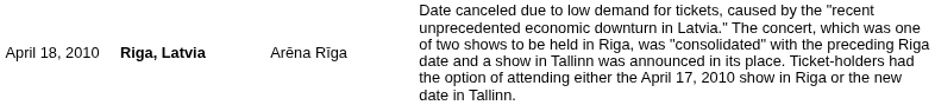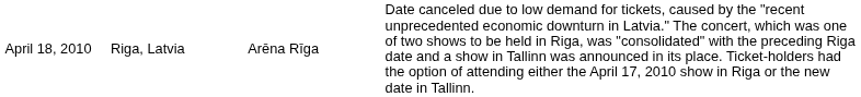 <table cellpadding="2" style="border:0 solid darkgrey; font-size:90%">
 <tr>
 <th style="width:150px;"></th>
 <th style="width:200px;"></th>
 <th style="width:200px;"></th>
 <th style="width:750px;"></th>
 </tr>
 <tr border="0"|->
 <td>April 18, 2010</td>
-<td><strong>Riga, Latvia</strong></td>
+<td>Riga, Latvia</td>
 <td>Arēna Rīga</td>
 <td>Date canceled due to low demand for tickets, caused by the "recent unprecedented economic downturn in Latvia." The concert, which was one of two shows to be held in Riga, was "consolidated" with the preceding Riga date and a show in Tallinn was announced in its place. Ticket-holders had the option of attending either the April 17, 2010 show in Riga or the new date in Tallinn.</td>
 </tr>
 </table>
